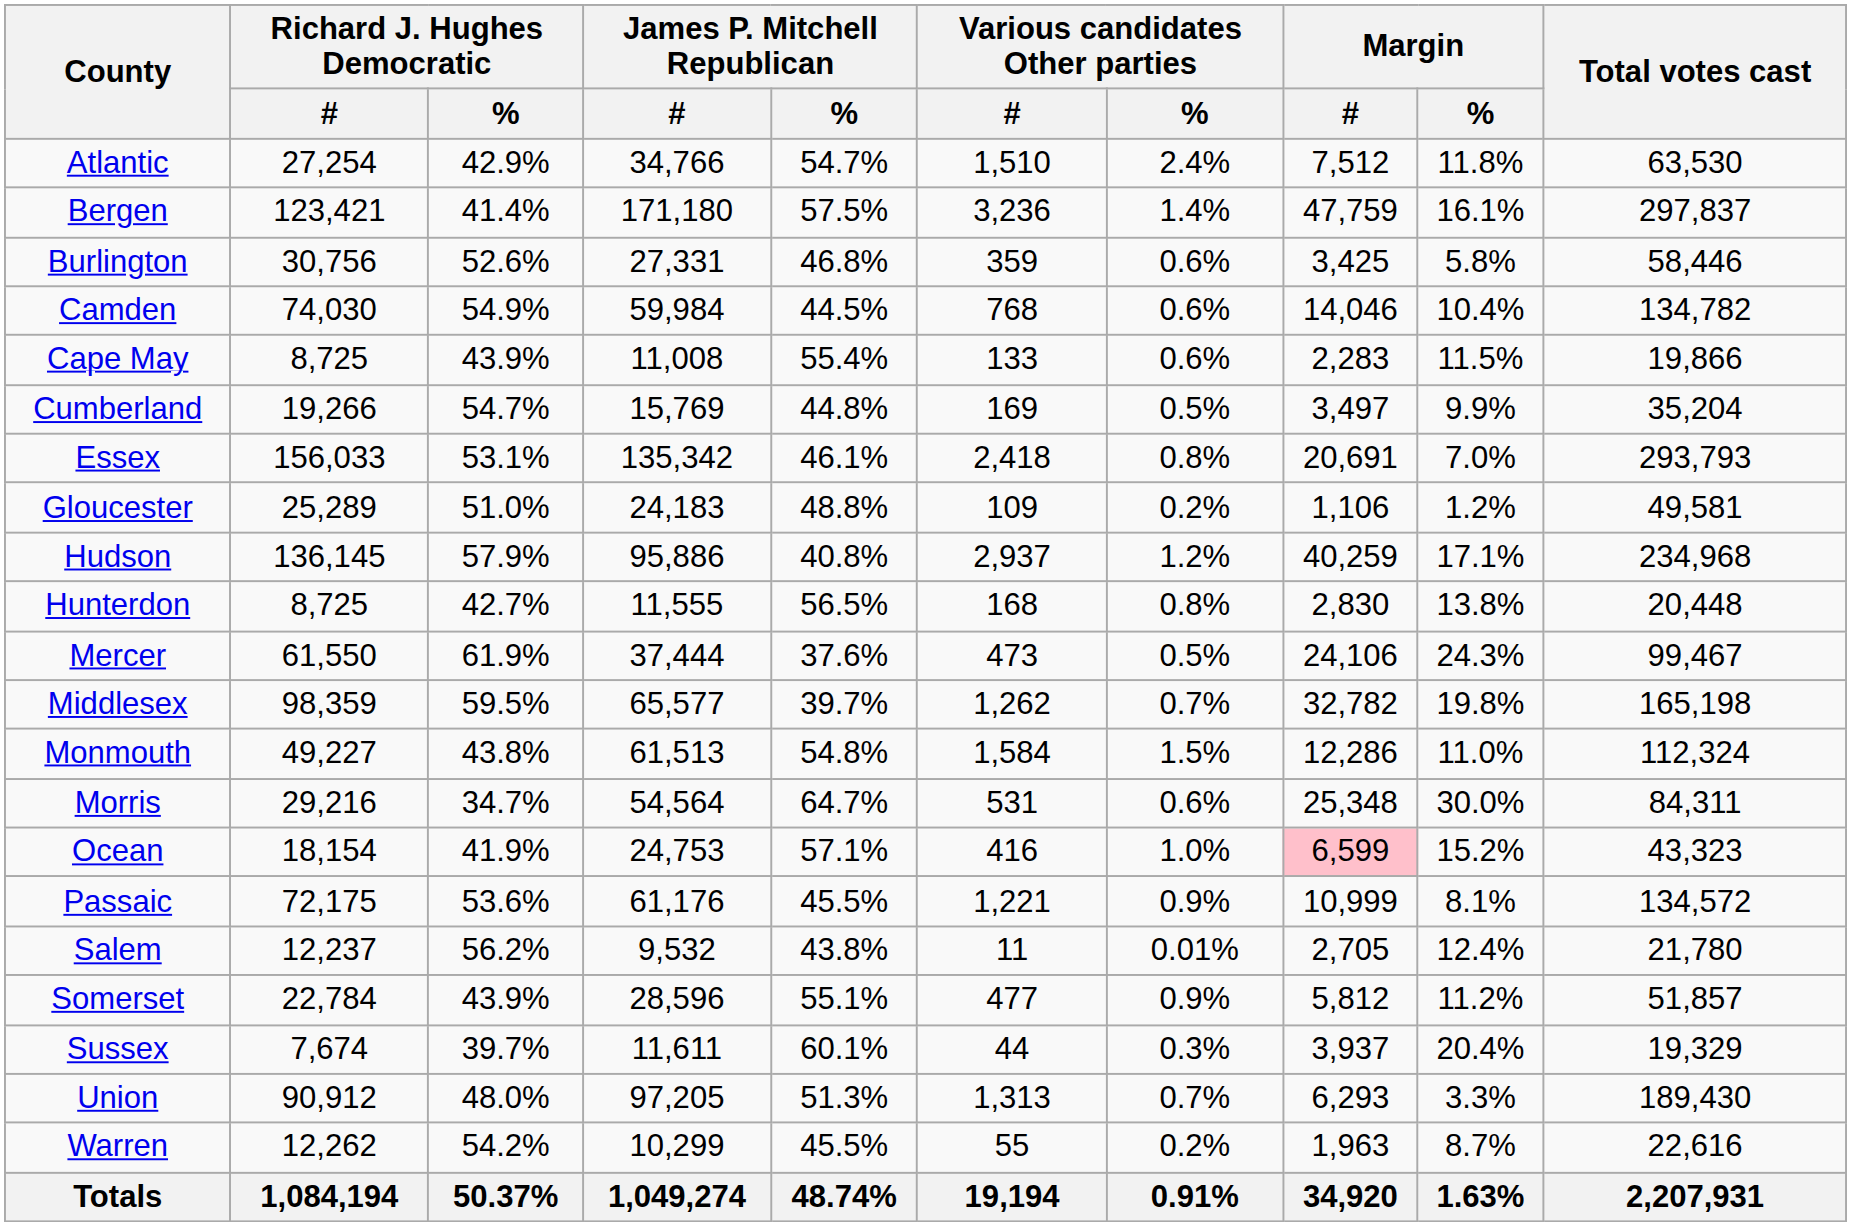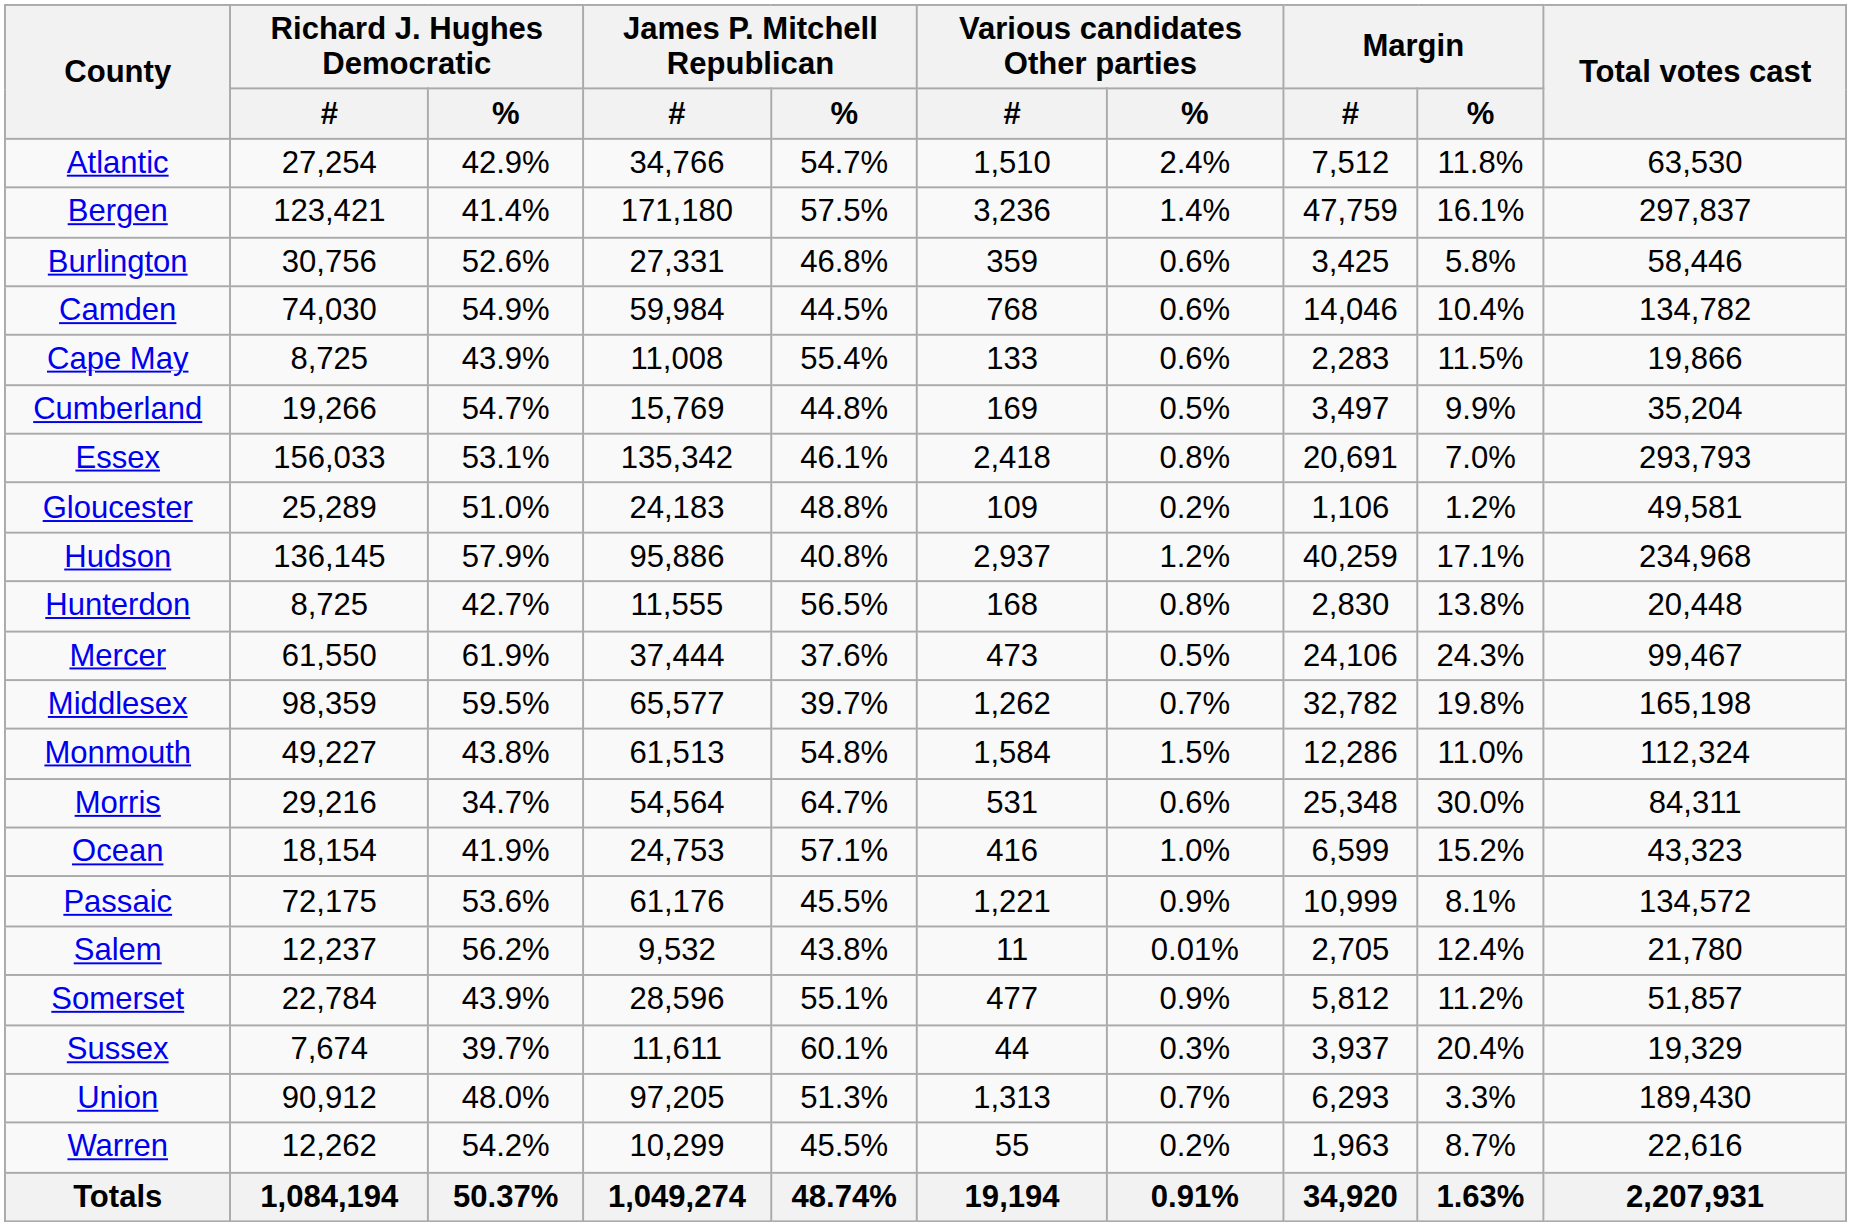 <table width="60%"  class="wikitable sortable" style="text-align:center">
 <tr>
 <th style="text-align:center;" rowspan="2">County</th>
 <th style="text-align:center;" colspan="2">Richard J. Hughes<br>Democratic</th>
 <th style="text-align:center;" colspan="2">James P. Mitchell<br>Republican</th>
 <th style="text-align:center;" colspan="2">Various candidates<br>Other parties</th>
 <th style="text-align:center;" colspan="2">Margin</th>
 <th style="text-align:center;" rowspan="2">Total votes cast</th>
 </tr>
 <tr>
 <th style="text-align:center;" data-sort-type="number">#</th>
 <th style="text-align:center;" data-sort-type="number">%</th>
 <th style="text-align:center;" data-sort-type="number">#</th>
 <th style="text-align:center;" data-sort-type="number">%</th>
 <th style="text-align:center;" data-sort-type="number">#</th>
 <th style="text-align:center;" data-sort-type="number">%</th>
 <th style="text-align:center;" data-sort-type="number">#</th>
 <th style="text-align:center;" data-sort-type="number">%</th>
 </tr>
 <tr style="text-align:center;">
 <td><a href='#'>Atlantic</a></td>
 <td>27,254</td>
 <td>42.9%</td>
 <td>34,766</td>
 <td>54.7%</td>
 <td>1,510</td>
 <td>2.4%</td>
 <td>7,512</td>
 <td>11.8%</td>
 <td>63,530</td>
 </tr>
 <tr style="text-align:center;">
 <td><a href='#'>Bergen</a></td>
 <td>123,421</td>
 <td>41.4%</td>
 <td>171,180</td>
 <td>57.5%</td>
 <td>3,236</td>
 <td>1.4%</td>
 <td>47,759</td>
 <td>16.1%</td>
 <td>297,837</td>
 </tr>
 <tr style="text-align:center;">
 <td><a href='#'>Burlington</a></td>
 <td>30,756</td>
 <td>52.6%</td>
 <td>27,331</td>
 <td>46.8%</td>
 <td>359</td>
 <td>0.6%</td>
 <td>3,425</td>
 <td>5.8%</td>
 <td>58,446</td>
 </tr>
 <tr style="text-align:center;">
 <td><a href='#'>Camden</a></td>
 <td>74,030</td>
 <td>54.9%</td>
 <td>59,984</td>
 <td>44.5%</td>
 <td>768</td>
 <td>0.6%</td>
 <td>14,046</td>
 <td>10.4%</td>
 <td>134,782</td>
 </tr>
 <tr style="text-align:center;">
 <td><a href='#'>Cape May</a></td>
 <td>8,725</td>
 <td>43.9%</td>
 <td>11,008</td>
 <td>55.4%</td>
 <td>133</td>
 <td>0.6%</td>
 <td>2,283</td>
 <td>11.5%</td>
 <td>19,866</td>
 </tr>
 <tr style="text-align:center;">
 <td><a href='#'>Cumberland</a></td>
 <td>19,266</td>
 <td>54.7%</td>
 <td>15,769</td>
 <td>44.8%</td>
 <td>169</td>
 <td>0.5%</td>
 <td>3,497</td>
 <td>9.9%</td>
 <td>35,204</td>
 </tr>
 <tr style="text-align:center;">
 <td><a href='#'>Essex</a></td>
 <td>156,033</td>
 <td>53.1%</td>
 <td>135,342</td>
 <td>46.1%</td>
 <td>2,418</td>
 <td>0.8%</td>
 <td>20,691</td>
 <td>7.0%</td>
 <td>293,793</td>
 </tr>
 <tr style="text-align:center;">
 <td><a href='#'>Gloucester</a></td>
 <td>25,289</td>
 <td>51.0%</td>
 <td>24,183</td>
 <td>48.8%</td>
 <td>109</td>
 <td>0.2%</td>
 <td>1,106</td>
 <td>1.2%</td>
 <td>49,581</td>
 </tr>
 <tr style="text-align:center;">
 <td><a href='#'>Hudson</a></td>
 <td>136,145</td>
 <td>57.9%</td>
 <td>95,886</td>
 <td>40.8%</td>
 <td>2,937</td>
 <td>1.2%</td>
 <td>40,259</td>
 <td>17.1%</td>
 <td>234,968</td>
 </tr>
 <tr style="text-align:center;">
 <td><a href='#'>Hunterdon</a></td>
 <td>8,725</td>
 <td>42.7%</td>
 <td>11,555</td>
 <td>56.5%</td>
 <td>168</td>
 <td>0.8%</td>
 <td>2,830</td>
 <td>13.8%</td>
 <td>20,448</td>
 </tr>
 <tr style="text-align:center;">
 <td><a href='#'>Mercer</a></td>
 <td>61,550</td>
 <td>61.9%</td>
 <td>37,444</td>
 <td>37.6%</td>
 <td>473</td>
 <td>0.5%</td>
 <td>24,106</td>
 <td>24.3%</td>
 <td>99,467</td>
 </tr>
 <tr style="text-align:center;">
 <td><a href='#'>Middlesex</a></td>
 <td>98,359</td>
 <td>59.5%</td>
 <td>65,577</td>
 <td>39.7%</td>
 <td>1,262</td>
 <td>0.7%</td>
 <td>32,782</td>
 <td>19.8%</td>
 <td>165,198</td>
 </tr>
 <tr style="text-align:center;">
 <td><a href='#'>Monmouth</a></td>
 <td>49,227</td>
 <td>43.8%</td>
 <td>61,513</td>
 <td>54.8%</td>
 <td>1,584</td>
 <td>1.5%</td>
 <td>12,286</td>
 <td>11.0%</td>
 <td>112,324</td>
 </tr>
 <tr style="text-align:center;">
 <td><a href='#'>Morris</a></td>
 <td>29,216</td>
 <td>34.7%</td>
 <td>54,564</td>
 <td>64.7%</td>
 <td>531</td>
 <td>0.6%</td>
 <td>25,348</td>
 <td>30.0%</td>
 <td>84,311</td>
 </tr>
 <tr style="text-align:center;">
 <td><a href='#'>Ocean</a></td>
 <td>18,154</td>
 <td>41.9%</td>
 <td>24,753</td>
 <td>57.1%</td>
 <td>416</td>
 <td>1.0%</td>
-<td style="background: pink;">6,599</td>
+<td>6,599</td>
 <td>15.2%</td>
 <td>43,323</td>
 </tr>
 <tr style="text-align:center;">
 <td><a href='#'>Passaic</a></td>
 <td>72,175</td>
 <td>53.6%</td>
 <td>61,176</td>
 <td>45.5%</td>
 <td>1,221</td>
 <td>0.9%</td>
 <td>10,999</td>
 <td>8.1%</td>
 <td>134,572</td>
 </tr>
 <tr style="text-align:center;">
 <td><a href='#'>Salem</a></td>
 <td>12,237</td>
 <td>56.2%</td>
 <td>9,532</td>
 <td>43.8%</td>
 <td>11</td>
 <td>0.01%</td>
 <td>2,705</td>
 <td>12.4%</td>
 <td>21,780</td>
 </tr>
 <tr style="text-align:center;">
 <td><a href='#'>Somerset</a></td>
 <td>22,784</td>
 <td>43.9%</td>
 <td>28,596</td>
 <td>55.1%</td>
 <td>477</td>
 <td>0.9%</td>
 <td>5,812</td>
 <td>11.2%</td>
 <td>51,857</td>
 </tr>
 <tr style="text-align:center;">
 <td><a href='#'>Sussex</a></td>
 <td>7,674</td>
 <td>39.7%</td>
 <td>11,611</td>
 <td>60.1%</td>
 <td>44</td>
 <td>0.3%</td>
 <td>3,937</td>
 <td>20.4%</td>
 <td>19,329</td>
 </tr>
 <tr style="text-align:center;">
 <td><a href='#'>Union</a></td>
 <td>90,912</td>
 <td>48.0%</td>
 <td>97,205</td>
 <td>51.3%</td>
 <td>1,313</td>
 <td>0.7%</td>
 <td>6,293</td>
 <td>3.3%</td>
 <td>189,430</td>
 </tr>
 <tr style="text-align:center;">
 <td><a href='#'>Warren</a></td>
 <td>12,262</td>
 <td>54.2%</td>
 <td>10,299</td>
 <td>45.5%</td>
 <td>55</td>
 <td>0.2%</td>
 <td>1,963</td>
 <td>8.7%</td>
 <td>22,616</td>
 </tr>
 <tr>
 <th>Totals</th>
 <th>1,084,194</th>
 <th>50.37%</th>
 <th>1,049,274</th>
 <th>48.74%</th>
 <th>19,194</th>
 <th>0.91%</th>
 <th>34,920</th>
 <th>1.63%</th>
 <th>2,207,931</th>
 </tr>
 </table>
